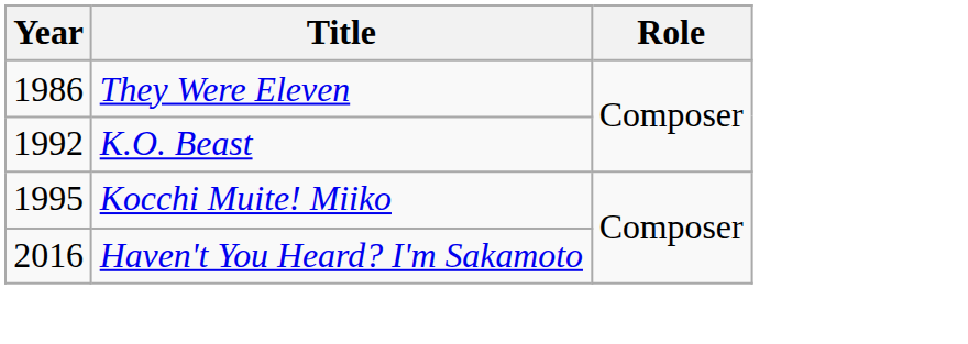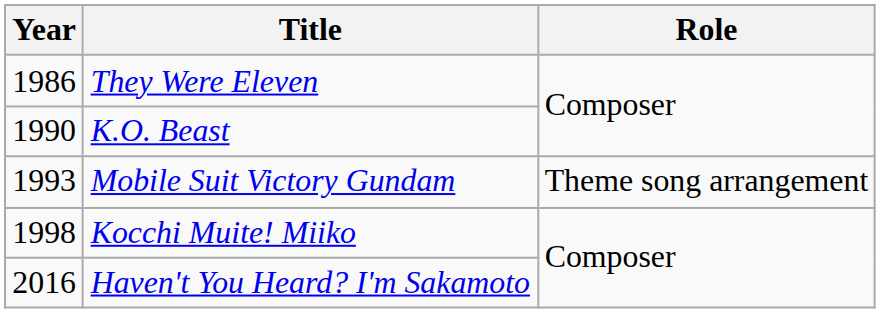 <table class="wikitable">
 <tr>
 <th>Year</th>
 <th>Title</th>
 <th>Role</th>
 </tr>
 <tr>
 <td>1986</td>
 <td><em><a href='#'>They Were Eleven</a></em></td>
 <td rowspan="2">Composer</td>
 </tr>
 <tr>
-<td>1992</td>
+<td>1990</td>
 <td><em><a href='#'>K.O. Beast</a></em></td>
 </tr>
 <tr>
-<td>1995</td>
+<td>1993</td>
+<td><em><a href='#'>Mobile Suit Victory Gundam</a></em></td>
+<td>Theme song arrangement</td>
+</tr>
+<tr>
+<td>1998</td>
 <td><em><a href='#'>Kocchi Muite! Miiko</a></em></td>
 <td rowspan="2">Composer</td>
 </tr>
 <tr>
 <td>2016</td>
 <td><em><a href='#'>Haven't You Heard? I'm Sakamoto</a></em></td>
 </tr>
 </table>
